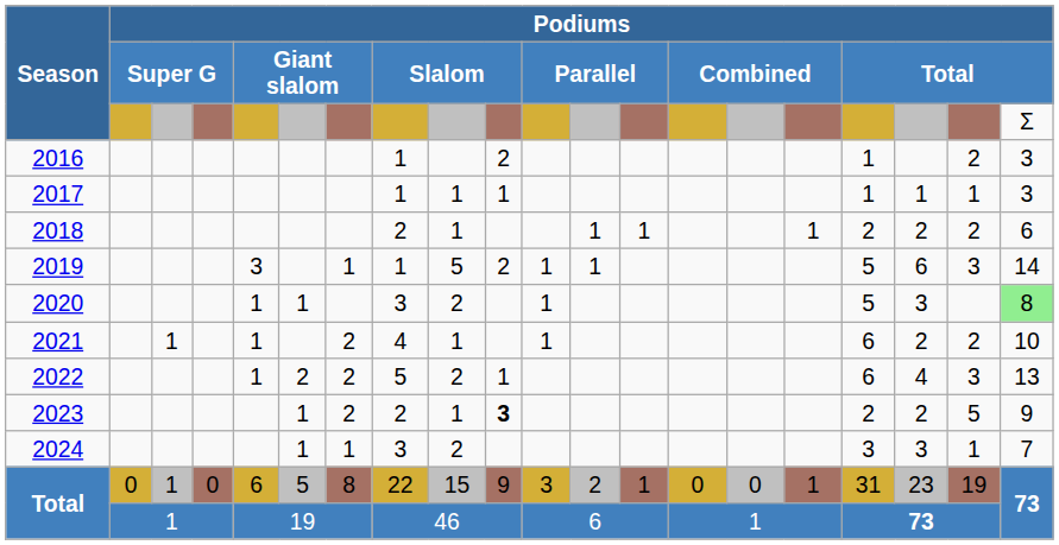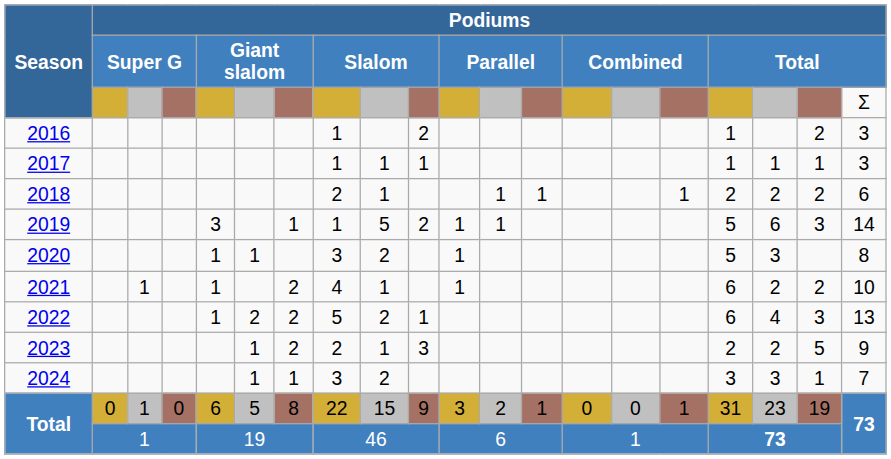 <table class="wikitable" style="font-size:95%; text-align:center; border:grey solid 1px; border-collapse:collapse;" width="55%">
 <tr style="background-color:#369; color:white;">
 <td rowspan="3" colspan="1" width="10%"><strong>Season</strong></td>
 <td colspan="19"><strong>Podiums</strong></td>
 </tr>
 <tr style="background-color:#4180be; color:white;">
 <th style="background:#4180be;" width="300" colspan="3">Super G</th>
 <th style="background:#4180be;" width="350" colspan="3">Giant slalom</th>
 <th style="background:#4180be;" width="350" colspan="3">Slalom</th>
 <th style="background:#4180be;" width="350" colspan="3">Parallel</th>
 <th style="background:#4180be;" width="350" colspan="3">Combined</th>
 <th style="background:#4180be;" width="450" colspan="4">Total</th>
 </tr>
 <tr>
 <td align="center" bgcolor="#d4af37"></td>
 <td align="center" bgcolor="silver"></td>
 <td align="center" bgcolor="#a57164"></td>
 <td align="center" bgcolor="#d4af37"></td>
 <td align="center" bgcolor="silver"></td>
 <td align="center" bgcolor="#a57164"></td>
 <td align="center" bgcolor="#d4af37"></td>
 <td align="center" bgcolor="silver"></td>
 <td align="center" bgcolor="#a57164"></td>
 <td align="center" bgcolor="#d4af37"></td>
 <td align="center" bgcolor="silver"></td>
 <td align="center" bgcolor="#a57164"></td>
 <td align="center" bgcolor="#d4af37"></td>
 <td align="center" bgcolor="silver"></td>
 <td align="center" bgcolor="#a57164"></td>
 <td align="center" bgcolor="#d4af37"></td>
 <td align="center" bgcolor="silver"></td>
 <td align="center" bgcolor="#a57164"></td>
 <td>Σ</td>
 </tr>
 <tr>
 <td align="center"><a href='#'>2016</a></td>
 <td></td>
 <td></td>
 <td></td>
 <td></td>
 <td></td>
 <td></td>
 <td>1</td>
 <td></td>
 <td>2</td>
 <td></td>
 <td></td>
 <td></td>
 <td></td>
 <td></td>
 <td></td>
 <td>1</td>
 <td></td>
 <td>2</td>
 <td>3</td>
 </tr>
 <tr>
 <td align="center"><a href='#'>2017</a></td>
 <td></td>
 <td></td>
 <td></td>
 <td></td>
 <td></td>
 <td></td>
 <td>1</td>
 <td>1</td>
 <td>1</td>
 <td></td>
 <td></td>
 <td></td>
 <td></td>
 <td></td>
 <td></td>
 <td>1</td>
 <td>1</td>
 <td>1</td>
 <td>3</td>
 </tr>
 <tr>
 <td align="center"><a href='#'>2018</a></td>
 <td></td>
 <td></td>
 <td></td>
 <td></td>
 <td></td>
 <td></td>
 <td>2</td>
 <td>1</td>
 <td></td>
 <td></td>
 <td>1</td>
 <td>1</td>
 <td></td>
 <td></td>
 <td>1</td>
 <td>2</td>
 <td>2</td>
 <td>2</td>
 <td>6</td>
 </tr>
 <tr>
 <td align="center"><a href='#'>2019</a></td>
 <td></td>
 <td></td>
 <td></td>
 <td>3</td>
 <td></td>
 <td>1</td>
 <td>1</td>
 <td>5</td>
 <td>2</td>
 <td>1</td>
 <td>1</td>
 <td></td>
 <td></td>
 <td></td>
 <td></td>
 <td>5</td>
 <td>6</td>
 <td>3</td>
 <td>14</td>
 </tr>
 <tr>
 <td align="center"><a href='#'>2020</a></td>
 <td></td>
 <td></td>
 <td></td>
 <td>1</td>
 <td>1</td>
 <td></td>
 <td>3</td>
 <td>2</td>
 <td></td>
 <td>1</td>
 <td></td>
 <td></td>
 <td></td>
 <td></td>
 <td></td>
 <td>5</td>
 <td>3</td>
 <td></td>
-<td style="background: lightgreen;">8</td>
+<td>8</td>
 </tr>
 <tr>
 <td align="center"><a href='#'>2021</a></td>
 <td></td>
 <td>1</td>
 <td></td>
 <td>1</td>
 <td></td>
 <td>2</td>
 <td>4</td>
 <td>1</td>
 <td></td>
 <td>1</td>
 <td></td>
 <td></td>
 <td></td>
 <td></td>
 <td></td>
 <td>6</td>
 <td>2</td>
 <td>2</td>
 <td>10</td>
 </tr>
 <tr>
 <td align="center"><a href='#'>2022</a></td>
 <td></td>
 <td></td>
 <td></td>
 <td>1</td>
 <td>2</td>
 <td>2</td>
 <td>5</td>
 <td>2</td>
 <td>1</td>
 <td></td>
 <td></td>
 <td></td>
 <td></td>
 <td></td>
 <td></td>
 <td>6</td>
 <td>4</td>
 <td>3</td>
 <td>13</td>
 </tr>
 <tr>
 <td align="center"><a href='#'>2023</a></td>
 <td></td>
 <td></td>
 <td></td>
 <td></td>
 <td>1</td>
 <td>2</td>
 <td>2</td>
 <td>1</td>
-<td><strong>3</strong></td>
+<td>3</td>
 <td></td>
 <td></td>
 <td></td>
 <td></td>
 <td></td>
 <td></td>
 <td>2</td>
 <td>2</td>
 <td>5</td>
 <td>9</td>
 </tr>
 <tr>
 <td align="center"><a href='#'>2024</a></td>
 <td></td>
 <td></td>
 <td></td>
 <td></td>
 <td>1</td>
 <td>1</td>
 <td>3</td>
 <td>2</td>
 <td></td>
 <td></td>
 <td></td>
 <td></td>
 <td></td>
 <td></td>
 <td></td>
 <td>3</td>
 <td>3</td>
 <td>1</td>
 <td>7</td>
 </tr>
 <tr>
 <td rowspan="2" style="background-color:#4180be; color:white; width=100;"><strong>Total </strong></td>
 <td bgcolor="#d4af37">0</td>
 <td bgcolor="silver">1</td>
 <td bgcolor="#a57164">0</td>
 <td bgcolor="#d4af37">6</td>
 <td bgcolor="silver">5</td>
 <td bgcolor="#a57164">8</td>
 <td bgcolor="#d4af37">22</td>
 <td bgcolor="silver">15</td>
 <td bgcolor="#a57164">9</td>
 <td bgcolor="#d4af37">3</td>
 <td bgcolor="silver">2</td>
 <td bgcolor="#a57164">1</td>
 <td bgcolor="#d4af37">0</td>
 <td bgcolor="silver">0</td>
 <td bgcolor="#a57164">1</td>
 <td bgcolor="#d4af37">31</td>
 <td bgcolor="silver">23</td>
 <td bgcolor="#a57164">19</td>
 <td rowspan="2" style="background-color:#4180be; color:white; width=100;"><strong>73</strong> </td>
 </tr>
 <tr>
 <td style="background-color:#4180be; color:white; width=100;" colspan="3">1</td>
 <td style="background-color:#4180be; color:white; width=100;" colspan="3">19</td>
 <td colspan="3" style="background-color:#4180be; color:white; width=100;">46</td>
 <td style="background-color:#4180be; color:white; width=100;" colspan="3">6</td>
 <td style="background-color:#4180be; color:white; width=100;" colspan="3">1</td>
 <td style="background-color:#4180be; color:white; width=100;" colspan="3"><strong>73</strong></td>
 </tr>
 </table>
